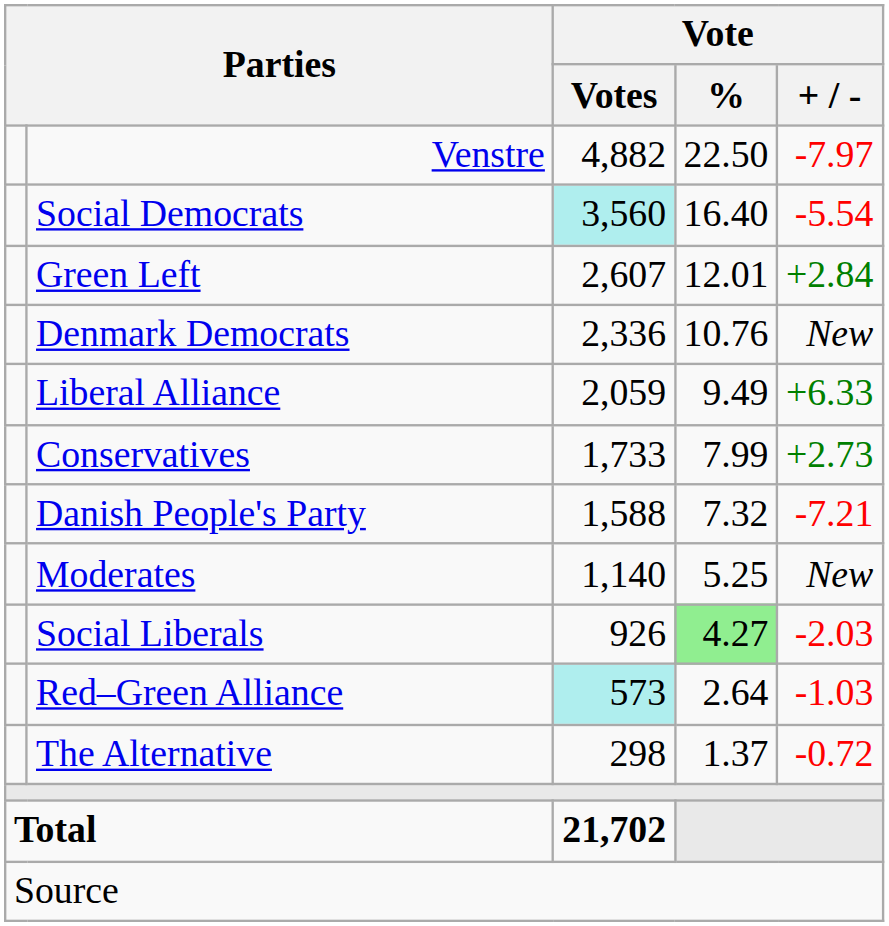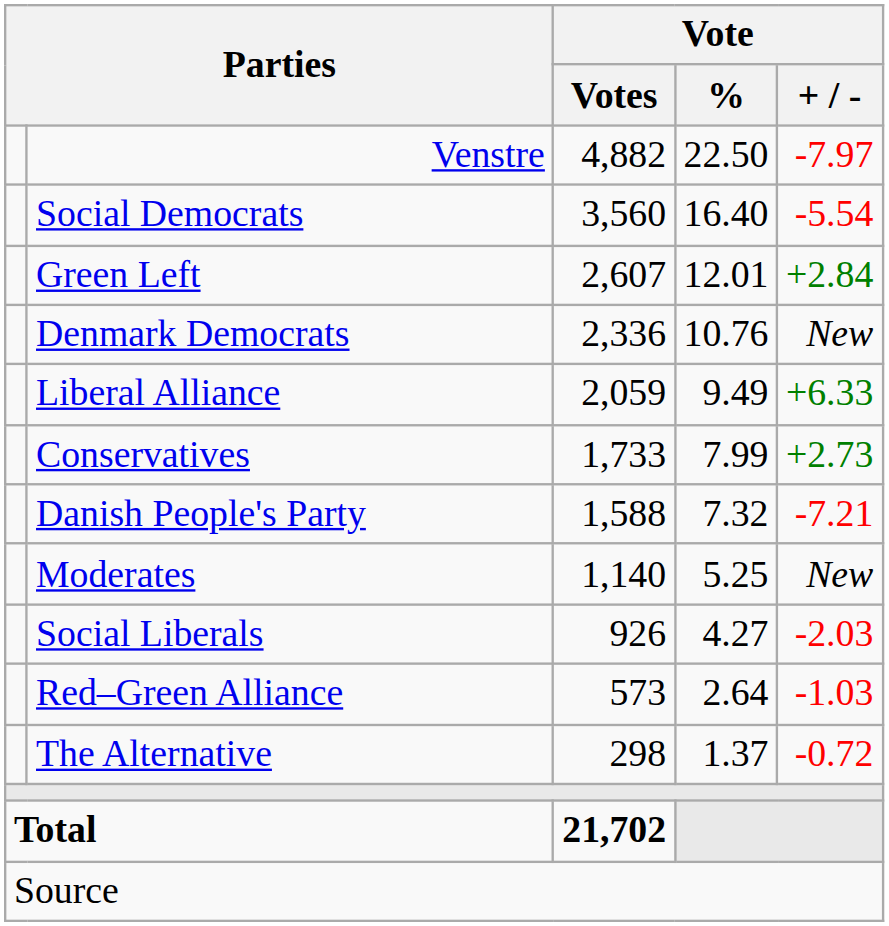 <table class="wikitable" style="text-align:right;">
 <tr>
 <th style="text-align:centre;" rowspan="2" colspan="2" width="225">Parties</th>
 <th colspan="3">Vote</th>
 </tr>
 <tr>
 <th width="15">Votes</th>
 <th width="15">%</th>
 <th width="15">+ / -</th>
 </tr>
 <tr>
 <td width=2 bgcolor=></td>
 <td><a href='#'>Venstre</a></td>
 <td>4,882</td>
 <td>22.50</td>
 <td style=color:red;>-7.97</td>
 </tr>
 <tr>
 <td width=2 bgcolor=></td>
 <td align=left><a href='#'>Social Democrats</a></td>
-<td style="background: paleturquoise;">3,560</td>
+<td>3,560</td>
 <td>16.40</td>
 <td style=color:red;>-5.54</td>
 </tr>
 <tr>
 <td width=2 bgcolor=></td>
 <td align=left><a href='#'>Green Left</a></td>
 <td>2,607</td>
 <td>12.01</td>
 <td style=color:green;>+2.84</td>
 </tr>
 <tr>
 <td width=2 bgcolor=></td>
 <td align=left><a href='#'>Denmark Democrats</a></td>
 <td>2,336</td>
 <td>10.76</td>
 <td><em>New</em></td>
 </tr>
 <tr>
 <td width=2 bgcolor=></td>
 <td align=left><a href='#'>Liberal Alliance</a></td>
 <td>2,059</td>
 <td>9.49</td>
 <td style=color:green;>+6.33</td>
 </tr>
 <tr>
 <td width=2 bgcolor=></td>
 <td align=left><a href='#'>Conservatives</a></td>
 <td>1,733</td>
 <td>7.99</td>
 <td style=color:green;>+2.73</td>
 </tr>
 <tr>
 <td width=2 bgcolor=></td>
 <td align=left><a href='#'>Danish People's Party</a></td>
 <td>1,588</td>
 <td>7.32</td>
 <td style=color:red;>-7.21</td>
 </tr>
 <tr>
 <td width=2 bgcolor=></td>
 <td align=left><a href='#'>Moderates</a></td>
 <td>1,140</td>
 <td>5.25</td>
 <td><em>New</em></td>
 </tr>
 <tr>
 <td width=2 bgcolor=></td>
 <td align=left><a href='#'>Social Liberals</a></td>
 <td>926</td>
-<td style="background: lightgreen;">4.27</td>
+<td>4.27</td>
 <td style=color:red;>-2.03</td>
 </tr>
 <tr>
 <td width=2 bgcolor=></td>
 <td align=left><a href='#'>Red–Green Alliance</a></td>
-<td style="background: paleturquoise;">573</td>
+<td>573</td>
 <td>2.64</td>
 <td style=color:red;>-1.03</td>
 </tr>
 <tr>
 <td width=2 bgcolor=></td>
 <td align=left><a href='#'>The Alternative</a></td>
 <td>298</td>
 <td>1.37</td>
 <td style=color:red;>-0.72</td>
 </tr>
 <tr>
 <td colspan="7" bgcolor="#E9E9E9"></td>
 </tr>
 <tr>
 <td align="left" colspan="2"><strong>Total</strong></td>
 <td><strong>21,702</strong></td>
 <td bgcolor=#E9E9E9 colspan=2></td>
 </tr>
 <tr>
 <td align="left" colspan="6">Source</td>
 </tr>
 </table>
